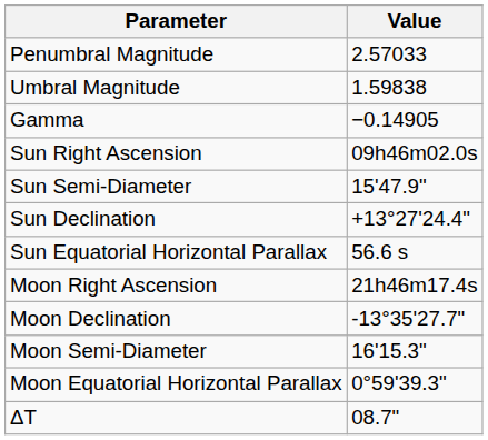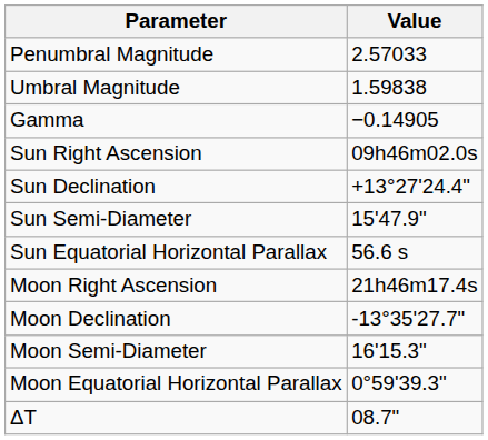 <table class="wikitable">
 <tr>
 <th>Parameter</th>
 <th>Value</th>
 </tr>
 <tr>
 <td>Penumbral Magnitude</td>
 <td>2.57033</td>
 </tr>
 <tr>
 <td>Umbral Magnitude</td>
 <td>1.59838</td>
 </tr>
 <tr>
 <td>Gamma</td>
 <td>−0.14905</td>
 </tr>
 <tr>
 <td>Sun Right Ascension</td>
 <td>09h46m02.0s</td>
 </tr>
 <tr>
+<td>Sun Declination</td>
+<td>+13°27'24.4"</td>
+</tr>
+<tr>
 <td>Sun Semi-Diameter</td>
 <td>15'47.9"</td>
-</tr>
-<tr>
-<td>Sun Declination</td>
-<td>+13°27'24.4"</td>
 </tr>
 <tr>
 <td>Sun Equatorial Horizontal Parallax</td>
 <td>56.6 s</td>
 </tr>
 <tr>
 <td>Moon Right Ascension</td>
 <td>21h46m17.4s</td>
 </tr>
 <tr>
 <td>Moon Declination</td>
 <td>-13°35'27.7"</td>
 </tr>
 <tr>
 <td>Moon Semi-Diameter</td>
 <td>16'15.3"</td>
 </tr>
 <tr>
 <td>Moon Equatorial Horizontal Parallax</td>
 <td>0°59'39.3"</td>
 </tr>
 <tr>
 <td>ΔT</td>
 <td>08.7"</td>
 </tr>
 </table>
